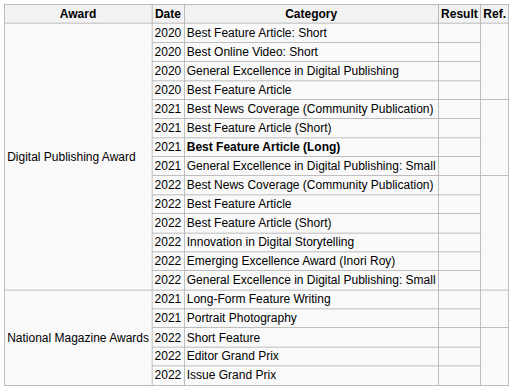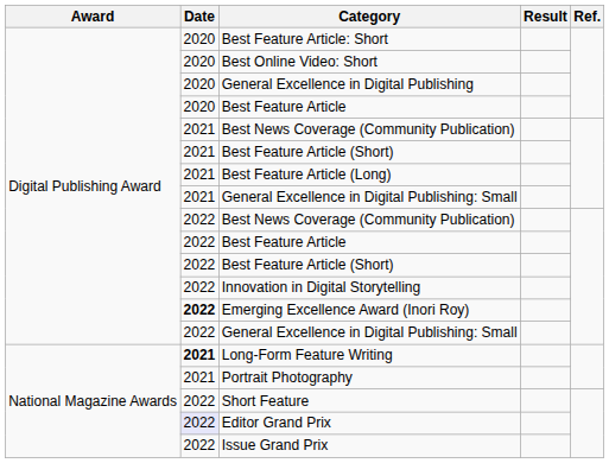 <table class="wikitable sortable">
 <tr>
 <th>Award</th>
 <th>Date</th>
 <th>Category</th>
 <th>Result</th>
 <th>Ref.</th>
 </tr>
 <tr>
 <td rowspan="14">Digital Publishing Award</td>
 <td>2020</td>
 <td>Best Feature Article: Short</td>
 <td></td>
 <td rowspan="4"></td>
 </tr>
 <tr>
 <td>2020</td>
 <td>Best Online Video: Short</td>
 <td></td>
 </tr>
 <tr>
 <td>2020</td>
 <td>General Excellence in Digital Publishing</td>
 <td></td>
 </tr>
 <tr>
 <td>2020</td>
 <td>Best Feature Article</td>
 <td></td>
 </tr>
 <tr>
 <td>2021</td>
 <td>Best News Coverage (Community Publication)</td>
 <td></td>
 <td rowspan="4"></td>
 </tr>
 <tr>
 <td>2021</td>
 <td>Best Feature Article (Short)</td>
 <td></td>
 </tr>
 <tr>
 <td>2021</td>
-<td><strong>Best Feature Article (Long)</strong></td>
+<td>Best Feature Article (Long)</td>
 <td></td>
 </tr>
 <tr>
 <td>2021</td>
 <td>General Excellence in Digital Publishing: Small</td>
 <td></td>
 </tr>
 <tr>
 <td>2022</td>
 <td>Best News Coverage (Community Publication)</td>
 <td></td>
 <td rowspan="6"></td>
 </tr>
 <tr>
 <td>2022</td>
 <td>Best Feature Article</td>
 <td></td>
 </tr>
 <tr>
 <td>2022</td>
 <td>Best Feature Article (Short)</td>
 <td></td>
 </tr>
 <tr>
 <td>2022</td>
 <td>Innovation in Digital Storytelling</td>
 <td></td>
 </tr>
 <tr>
-<td>2022</td>
+<td><strong>2022</strong></td>
 <td>Emerging Excellence Award (Inori Roy)</td>
 <td></td>
 </tr>
 <tr>
 <td>2022</td>
 <td>General Excellence in Digital Publishing: Small</td>
 <td></td>
 </tr>
 <tr>
 <td rowspan="5">National Magazine Awards</td>
-<td>2021</td>
+<td><strong>2021</strong></td>
 <td>Long-Form Feature Writing</td>
 <td></td>
 <td rowspan="2"></td>
 </tr>
 <tr>
 <td>2021</td>
 <td>Portrait Photography</td>
 <td></td>
 </tr>
 <tr>
 <td>2022</td>
 <td>Short Feature</td>
 <td></td>
 <td rowspan="3"></td>
 </tr>
 <tr>
-<td>2022</td>
+<td style="background: lavender;">2022</td>
 <td>Editor Grand Prix</td>
 <td></td>
 </tr>
 <tr>
 <td>2022</td>
 <td>Issue Grand Prix</td>
 <td></td>
 </tr>
 </table>
